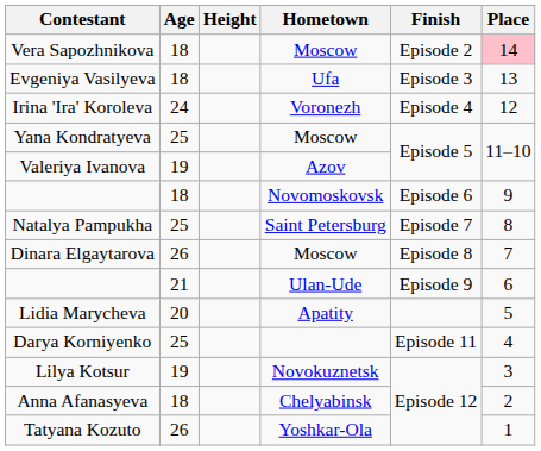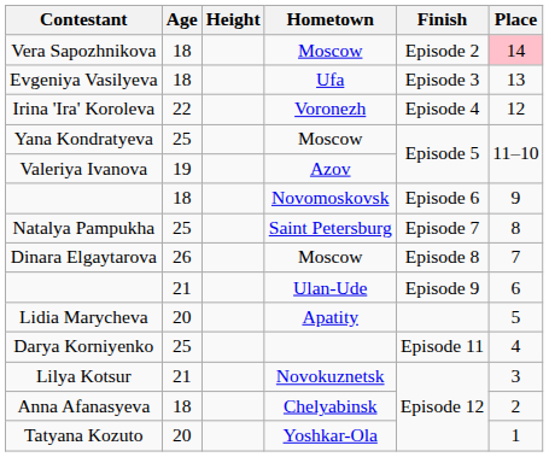 <table class="wikitable sortable" style="text-align:center;">
 <tr>
 <th>Contestant</th>
 <th>Age</th>
 <th>Height</th>
 <th>Hometown</th>
 <th>Finish</th>
 <th>Place</th>
 </tr>
 <tr>
 <td>Vera Sapozhnikova</td>
 <td>18</td>
 <td></td>
 <td><a href='#'>Moscow</a></td>
 <td>Episode 2</td>
 <td style="background: pink;">14</td>
 </tr>
 <tr>
 <td>Evgeniya Vasilyeva</td>
 <td>18</td>
 <td></td>
 <td><a href='#'>Ufa</a></td>
 <td>Episode 3</td>
 <td>13</td>
 </tr>
 <tr>
 <td>Irina 'Ira' Koroleva</td>
-<td>24</td>
+<td>22</td>
 <td></td>
 <td><a href='#'>Voronezh</a></td>
 <td>Episode 4</td>
 <td>12</td>
 </tr>
 <tr>
 <td>Yana Kondratyeva</td>
 <td>25</td>
 <td></td>
 <td>Moscow</td>
 <td rowspan="2">Episode 5</td>
 <td rowspan="2">11–10</td>
 </tr>
 <tr>
 <td>Valeriya Ivanova</td>
 <td>19</td>
 <td></td>
 <td><a href='#'>Azov</a></td>
 </tr>
 <tr>
 <td></td>
 <td>18</td>
 <td></td>
 <td><a href='#'>Novomoskovsk</a></td>
 <td>Episode 6</td>
 <td>9</td>
 </tr>
 <tr>
 <td>Natalya Pampukha</td>
 <td>25</td>
 <td></td>
 <td><a href='#'>Saint Petersburg</a></td>
 <td>Episode 7</td>
 <td>8</td>
 </tr>
 <tr>
 <td>Dinara Elgaytarova</td>
 <td>26</td>
 <td></td>
 <td>Moscow</td>
 <td>Episode 8</td>
 <td>7</td>
 </tr>
 <tr>
 <td></td>
 <td>21</td>
 <td></td>
 <td><a href='#'>Ulan-Ude</a></td>
 <td>Episode 9</td>
 <td>6</td>
 </tr>
 <tr>
 <td>Lidia Marycheva</td>
 <td>20</td>
 <td></td>
 <td><a href='#'>Apatity</a></td>
 <td></td>
 <td>5</td>
 </tr>
 <tr>
 <td>Darya Korniyenko</td>
 <td>25</td>
 <td></td>
 <td></td>
 <td>Episode 11</td>
 <td>4</td>
 </tr>
 <tr>
 <td>Lilya Kotsur</td>
-<td>19</td>
+<td>21</td>
 <td></td>
 <td><a href='#'>Novokuznetsk</a></td>
 <td rowspan="3">Episode 12</td>
 <td>3</td>
 </tr>
 <tr>
 <td>Anna Afanasyeva</td>
 <td>18</td>
 <td></td>
 <td><a href='#'>Chelyabinsk</a></td>
 <td>2</td>
 </tr>
 <tr>
 <td>Tatyana Kozuto</td>
-<td>26</td>
+<td>20</td>
 <td></td>
 <td><a href='#'>Yoshkar-Ola</a></td>
 <td>1</td>
 </tr>
 </table>
